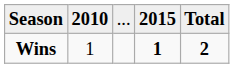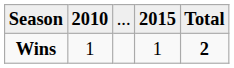 <table class="wikitable" style="text-align:center;">
 <tr bgcolor=efefef>
 <td><strong>Season</strong></td>
 <td><strong>2010</strong></td>
 <td>...</td>
 <td><strong>2015</strong></td>
 <td><strong>Total</strong></td>
 </tr>
 <tr>
 <td><strong>Wins</strong></td>
 <td>1</td>
 <td></td>
-<td><strong>1</strong></td>
+<td>1</td>
 <td><strong>2</strong></td>
 </tr>
 </table>
